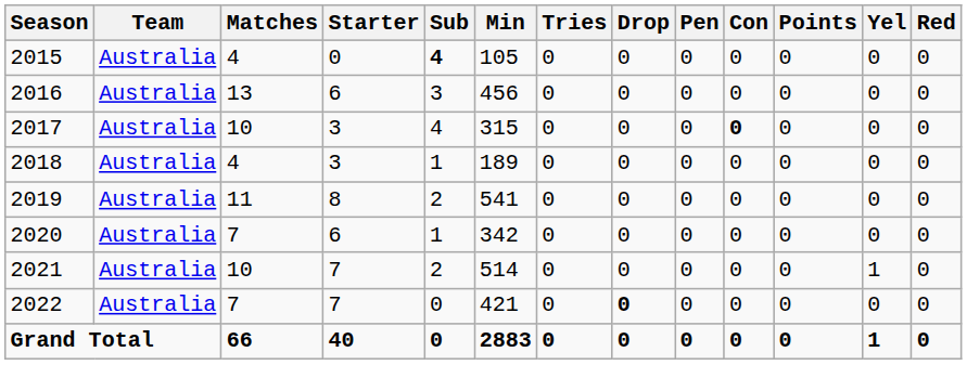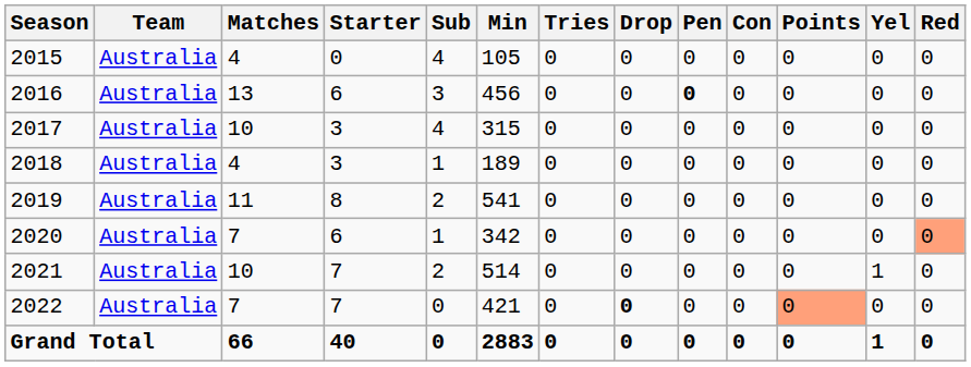 <table class="wikitable">
 <tr>
 <th>Season</th>
 <th>Team</th>
 <th>Matches</th>
 <th>Starter</th>
 <th>Sub</th>
 <th>Min</th>
 <th>Tries</th>
 <th>Drop</th>
 <th>Pen</th>
 <th>Con</th>
 <th>Points</th>
 <th>Yel</th>
 <th>Red</th>
 </tr>
 <tr>
 <td>2015</td>
 <td><a href='#'>Australia</a></td>
 <td>4</td>
 <td>0</td>
-<td><strong>4</strong></td>
+<td>4</td>
 <td>105</td>
 <td>0</td>
 <td>0</td>
 <td>0</td>
 <td>0</td>
 <td>0</td>
 <td>0</td>
 <td>0</td>
 </tr>
 <tr>
 <td>2016</td>
 <td><a href='#'>Australia</a></td>
 <td>13</td>
 <td>6</td>
 <td>3</td>
 <td>456</td>
 <td>0</td>
 <td>0</td>
-<td>0</td>
+<td><strong>0</strong></td>
 <td>0</td>
 <td>0</td>
 <td>0</td>
 <td>0</td>
 </tr>
 <tr>
 <td>2017</td>
 <td><a href='#'>Australia</a></td>
 <td>10</td>
 <td>3</td>
 <td>4</td>
 <td>315</td>
 <td>0</td>
 <td>0</td>
 <td>0</td>
-<td><strong>0</strong></td>
+<td>0</td>
 <td>0</td>
 <td>0</td>
 <td>0</td>
 </tr>
 <tr>
 <td>2018</td>
 <td><a href='#'>Australia</a></td>
 <td>4</td>
 <td>3</td>
 <td>1</td>
 <td>189</td>
 <td>0</td>
 <td>0</td>
 <td>0</td>
 <td>0</td>
 <td>0</td>
 <td>0</td>
 <td>0</td>
 </tr>
 <tr>
 <td>2019</td>
 <td><a href='#'>Australia</a></td>
 <td>11</td>
 <td>8</td>
 <td>2</td>
 <td>541</td>
 <td>0</td>
 <td>0</td>
 <td>0</td>
 <td>0</td>
 <td>0</td>
 <td>0</td>
 <td>0</td>
 </tr>
 <tr>
 <td>2020</td>
 <td><a href='#'>Australia</a></td>
 <td>7</td>
 <td>6</td>
 <td>1</td>
 <td>342</td>
 <td>0</td>
 <td>0</td>
 <td>0</td>
 <td>0</td>
 <td>0</td>
 <td>0</td>
-<td>0</td>
+<td style="background: lightsalmon;">0</td>
 </tr>
 <tr>
 <td>2021</td>
 <td><a href='#'>Australia</a></td>
 <td>10</td>
 <td>7</td>
 <td>2</td>
 <td>514</td>
 <td>0</td>
 <td>0</td>
 <td>0</td>
 <td>0</td>
 <td>0</td>
 <td>1</td>
 <td>0</td>
 </tr>
 <tr>
 <td>2022</td>
 <td><a href='#'>Australia</a></td>
 <td>7</td>
 <td>7</td>
 <td>0</td>
 <td>421</td>
 <td>0</td>
 <td><strong>0</strong></td>
 <td>0</td>
 <td>0</td>
-<td>0</td>
+<td style="background: lightsalmon;">0</td>
 <td>0</td>
 <td>0</td>
 </tr>
 <tr>
 <td colspan="2"><strong>Grand Total</strong></td>
 <td><strong>66</strong></td>
 <td><strong>40</strong></td>
 <td><strong>0</strong></td>
 <td><strong>2883</strong></td>
 <td><strong>0</strong></td>
 <td><strong>0</strong></td>
 <td><strong>0</strong></td>
 <td><strong>0</strong></td>
 <td><strong>0</strong></td>
 <td><strong>1</strong></td>
 <td><strong>0</strong></td>
 </tr>
 </table>
